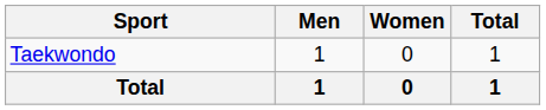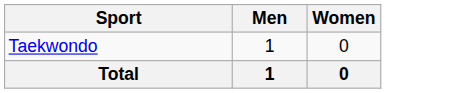 <table class="wikitable" style="text-align:center">
 <tr>
 <th width=200>Sport</th>
 <th width=60>Men</th>
 <th width=60>Women</th>
-<th width=60>Total</th>
 </tr>
 <tr>
 <td align=left><a href='#'>Taekwondo</a></td>
 <td>1</td>
 <td>0</td>
-<td>1</td>
 </tr>
 <tr>
 <th align=left>Total</th>
 <th>1</th>
 <th>0</th>
-<th>1</th>
 </tr>
 </table>
